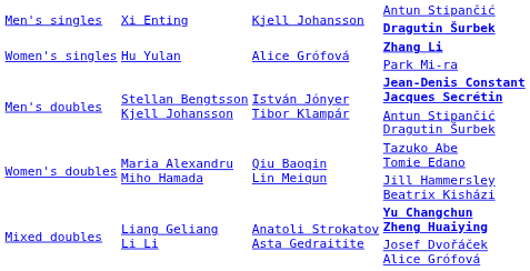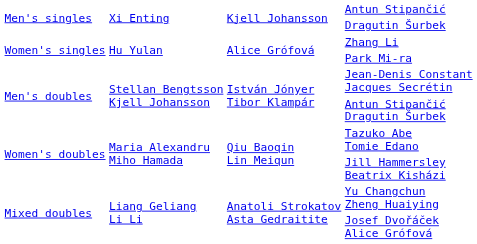 <table>
 <tr>
 <td rowspan=2><a href='#'>Men's singles</a></td>
 <td rowspan=2> <a href='#'>Xi Enting</a></td>
 <td rowspan=2> <a href='#'>Kjell Johansson</a></td>
 <td> <a href='#'>Antun Stipančić</a></td>
 </tr>
 <tr>
-<td><strong> <a href='#'>Dragutin Šurbek</a></strong></td>
+<td> <a href='#'>Dragutin Šurbek</a></td>
 </tr>
 <tr>
 <td rowspan=2><a href='#'>Women's singles</a></td>
 <td rowspan=2> <a href='#'>Hu Yulan</a></td>
 <td rowspan=2> <a href='#'>Alice Grófová</a></td>
-<td><strong> <a href='#'>Zhang Li</a></strong></td>
+<td> <a href='#'>Zhang Li</a></td>
 </tr>
 <tr>
 <td> <a href='#'>Park Mi-ra</a></td>
 </tr>
 <tr>
 <td rowspan=2><a href='#'>Men's doubles</a></td>
 <td rowspan=2> <a href='#'>Stellan Bengtsson</a><br> <a href='#'>Kjell Johansson</a></td>
 <td rowspan=2> <a href='#'>István Jónyer</a><br> <a href='#'>Tibor Klampár</a></td>
-<td><strong> <a href='#'>Jean-Denis Constant</a><br> <a href='#'>Jacques Secrétin</a></strong></td>
+<td> <a href='#'>Jean-Denis Constant</a><br> <a href='#'>Jacques Secrétin</a></td>
 </tr>
 <tr>
 <td> <a href='#'>Antun Stipančić</a><br> <a href='#'>Dragutin Šurbek</a></td>
 </tr>
 <tr>
 <td rowspan=2><a href='#'>Women's doubles</a></td>
 <td rowspan=2> <a href='#'>Maria Alexandru</a><br> <a href='#'>Miho Hamada</a></td>
 <td rowspan=2> <a href='#'>Qiu Baoqin</a><br> <a href='#'>Lin Meiqun</a></td>
 <td> <a href='#'>Tazuko Abe</a><br> <a href='#'>Tomie Edano</a></td>
 </tr>
 <tr>
 <td> <a href='#'>Jill Hammersley</a><br> <a href='#'>Beatrix Kisházi</a></td>
 </tr>
 <tr>
 <td rowspan=2><a href='#'>Mixed doubles</a></td>
 <td rowspan=2> <a href='#'>Liang Geliang</a><br> <a href='#'>Li Li</a></td>
 <td rowspan=2> <a href='#'>Anatoli Strokatov</a><br> <a href='#'>Asta Gedraitite</a></td>
-<td><strong> <a href='#'>Yu Changchun</a><br> <a href='#'>Zheng Huaiying</a></strong></td>
+<td> <a href='#'>Yu Changchun</a><br> <a href='#'>Zheng Huaiying</a></td>
 </tr>
 <tr>
 <td> <a href='#'>Josef Dvořáček</a><br> <a href='#'>Alice Grófová</a></td>
 </tr>
 </table>
